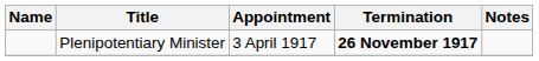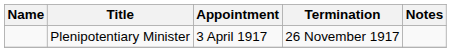 <table class="wikitable">
 <tr valign="middle">
 <th>Name</th>
 <th>Title</th>
 <th>Appointment</th>
 <th>Termination</th>
 <th>Notes</th>
 </tr>
 <tr>
 <td></td>
 <td>Plenipotentiary Minister</td>
 <td>3 April 1917</td>
-<td><strong>26 November 1917</strong></td>
+<td>26 November 1917</td>
 <td></td>
 </tr>
 <tr>
 </tr>
 </table>
